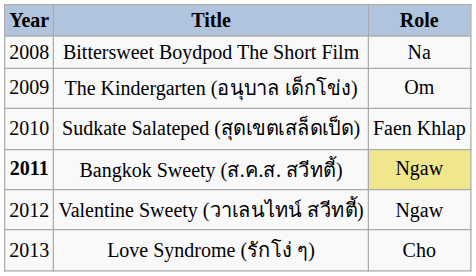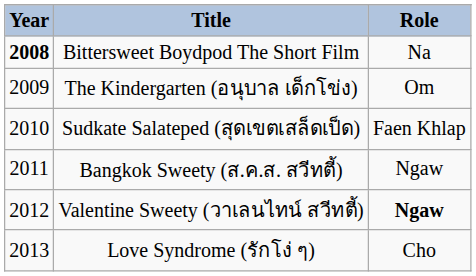 <table class="wikitable">
 <tr bgcolor="#CCCCCC">
 </tr>
 <tr>
 <th style="background:#B0C4DE;">Year</th>
 <th style="background:#B0C4DE;">Title</th>
 <th style="background:#B0C4DE;">Role</th>
 </tr>
 <tr>
-<td rowspan = "1" align = "center">2008</td>
+<td rowspan = "1" align = "center"><strong>2008</strong></td>
 <td align="center">Bittersweet Boydpod The Short Film</td>
 <td align="center">Na</td>
 </tr>
 <tr>
 <td rowspan = "1" align = "center">2009</td>
 <td align="center">The Kindergarten (อนุบาล เด็กโข่ง)</td>
 <td align="center">Om</td>
 </tr>
 <tr>
 <td rowspan = "1" align = "center">2010</td>
 <td align="center">Sudkate Salateped (สุดเขตเสล็ดเป็ด)</td>
 <td align="center">Faen Khlap</td>
 </tr>
 <tr>
-<td rowspan = "1" align = "center"><strong>2011</strong></td>
+<td rowspan = "1" align = "center">2011</td>
 <td align="center">Bangkok Sweety (ส.ค.ส. สวีทตี้)</td>
-<td align="center" style="background: khaki;">Ngaw</td>
+<td align="center">Ngaw</td>
 </tr>
 <tr>
 <td rowspan = "1" align = "center">2012</td>
 <td align="center">Valentine Sweety (วาเลนไทน์ สวีทตี้)</td>
-<td align="center">Ngaw</td>
+<td align="center"><strong>Ngaw</strong></td>
 </tr>
 <tr>
 <td rowspan = "1" align = "center">2013</td>
 <td align="center">Love Syndrome (รักโง่ ๆ)</td>
 <td align="center">Cho</td>
 </tr>
 </table>
